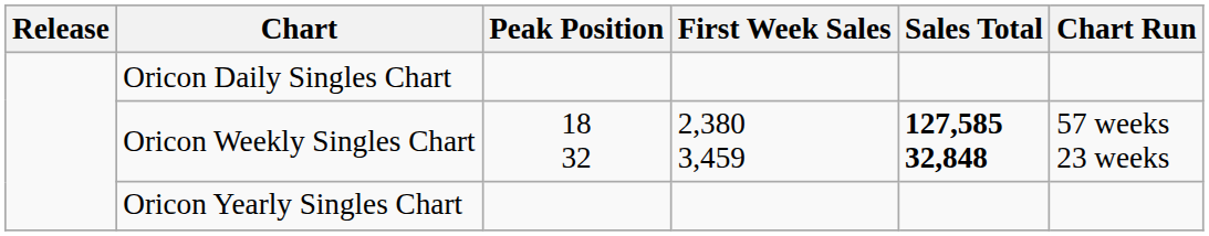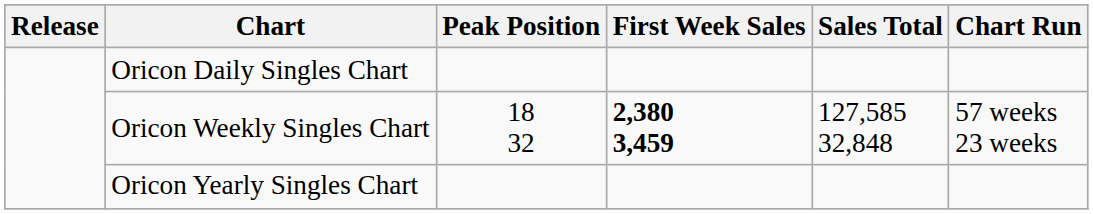 <table class="wikitable">
 <tr>
 <th>Release</th>
 <th>Chart</th>
 <th>Peak Position</th>
 <th>First Week Sales</th>
 <th>Sales Total</th>
 <th>Chart Run</th>
 </tr>
 <tr>
 <td rowspan="3"><br></td>
 <td>Oricon Daily Singles Chart</td>
 <td align="center"></td>
 <td></td>
 <td></td>
 <td></td>
 </tr>
 <tr>
 <td>Oricon Weekly Singles Chart</td>
 <td align="center">18<br>32</td>
-<td>2,380<br>3,459</td>
-<td><strong>127,585<br>32,848</strong></td>
+<td><strong>2,380<br>3,459</strong></td>
+<td>127,585<br>32,848</td>
 <td>57 weeks<br>23 weeks</td>
 </tr>
 <tr>
 <td>Oricon Yearly Singles Chart</td>
 <td align="center"></td>
 <td></td>
 <td></td>
 <td></td>
 </tr>
 </table>
